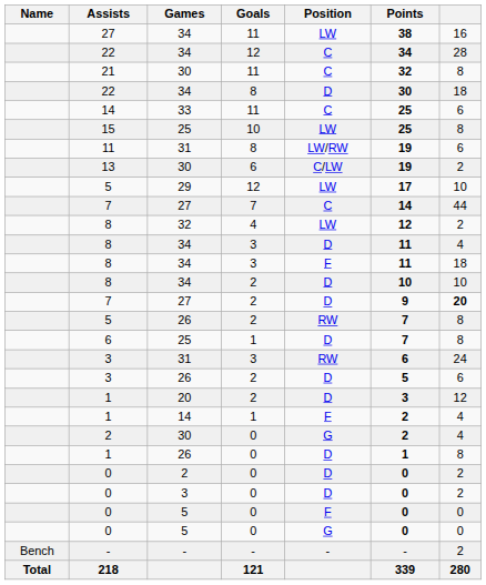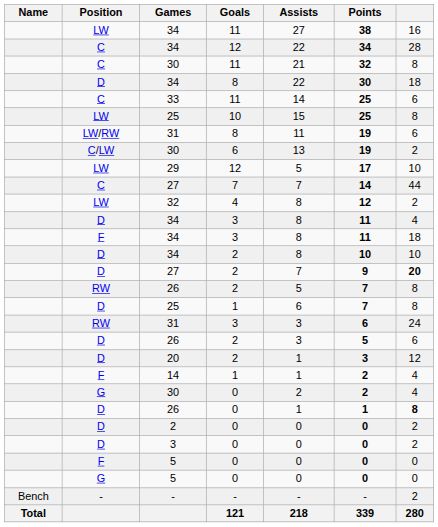 <table class="wikitable sortable" width ="50%">
 <tr align="center">
 <th>Name</th>
-<th>Assists</th>
+<th>Position</th>
 <th>Games</th>
 <th>Goals</th>
-<th>Position</th>
+<th>Assists</th>
 <th>Points</th>
 <th><a href='#'></a></th>
 </tr>
 <tr align="center" bgcolor="">
 <td></td>
-<td>27</td>
+<td><a href='#'>LW</a></td>
 <td>34</td>
 <td>11</td>
-<td><a href='#'>LW</a></td>
+<td>27</td>
 <td><strong>38</strong></td>
 <td>16</td>
 </tr>
 <tr align="center" bgcolor="f0f0f0">
 <td></td>
-<td>22</td>
+<td><a href='#'>C</a></td>
 <td>34</td>
 <td>12</td>
-<td><a href='#'>C</a></td>
+<td>22</td>
 <td><strong>34</strong></td>
 <td>28</td>
 </tr>
 <tr align="center" bgcolor="">
 <td></td>
-<td>21</td>
+<td><a href='#'>C</a></td>
 <td>30</td>
 <td>11</td>
-<td><a href='#'>C</a></td>
+<td>21</td>
 <td><strong>32</strong></td>
 <td>8</td>
 </tr>
 <tr align="center" bgcolor="f0f0f0">
 <td></td>
-<td>22</td>
+<td><a href='#'>D</a></td>
 <td>34</td>
 <td>8</td>
-<td><a href='#'>D</a></td>
+<td>22</td>
 <td><strong>30</strong></td>
 <td>18</td>
 </tr>
 <tr align="center" bgcolor="">
 <td></td>
-<td>14</td>
+<td><a href='#'>C</a></td>
 <td>33</td>
 <td>11</td>
-<td><a href='#'>C</a></td>
+<td>14</td>
 <td><strong>25</strong></td>
 <td>6</td>
 </tr>
 <tr align="center" bgcolor="f0f0f0">
 <td></td>
-<td>15</td>
+<td><a href='#'>LW</a></td>
 <td>25</td>
 <td>10</td>
-<td><a href='#'>LW</a></td>
+<td>15</td>
 <td><strong>25</strong></td>
 <td>8</td>
 </tr>
 <tr align="center" bgcolor="">
 <td></td>
-<td>11</td>
+<td><a href='#'>LW</a>/<a href='#'>RW</a></td>
 <td>31</td>
 <td>8</td>
-<td><a href='#'>LW</a>/<a href='#'>RW</a></td>
+<td>11</td>
 <td><strong>19</strong></td>
 <td>6</td>
 </tr>
 <tr align="center" bgcolor="f0f0f0">
 <td></td>
-<td>13</td>
+<td><a href='#'>C</a>/<a href='#'>LW</a></td>
 <td>30</td>
 <td>6</td>
-<td><a href='#'>C</a>/<a href='#'>LW</a></td>
+<td>13</td>
 <td><strong>19</strong></td>
 <td>2</td>
 </tr>
 <tr align="center" bgcolor="">
 <td></td>
-<td>5</td>
+<td><a href='#'>LW</a></td>
 <td>29</td>
 <td>12</td>
-<td><a href='#'>LW</a></td>
+<td>5</td>
 <td><strong>17</strong></td>
 <td>10</td>
 </tr>
 <tr align="center" bgcolor="f0f0f0">
 <td></td>
-<td>7</td>
+<td><a href='#'>C</a></td>
 <td>27</td>
 <td>7</td>
-<td><a href='#'>C</a></td>
+<td>7</td>
 <td><strong>14</strong></td>
 <td>44</td>
 </tr>
 <tr align="center" bgcolor="">
 <td></td>
-<td>8</td>
+<td><a href='#'>LW</a></td>
 <td>32</td>
 <td>4</td>
-<td><a href='#'>LW</a></td>
+<td>8</td>
 <td><strong>12</strong></td>
 <td>2</td>
 </tr>
 <tr align="center" bgcolor="f0f0f0">
 <td></td>
-<td>8</td>
+<td><a href='#'>D</a></td>
 <td>34</td>
 <td>3</td>
-<td><a href='#'>D</a></td>
+<td>8</td>
 <td><strong>11</strong></td>
 <td>4</td>
 </tr>
 <tr align="center" bgcolor="">
 <td></td>
-<td>8</td>
+<td><a href='#'>F</a></td>
 <td>34</td>
 <td>3</td>
-<td><a href='#'>F</a></td>
+<td>8</td>
 <td><strong>11</strong></td>
 <td>18</td>
 </tr>
 <tr align="center" bgcolor="f0f0f0">
 <td></td>
-<td>8</td>
+<td><a href='#'>D</a></td>
 <td>34</td>
 <td>2</td>
-<td><a href='#'>D</a></td>
+<td>8</td>
 <td><strong>10</strong></td>
 <td>10</td>
 </tr>
 <tr align="center" bgcolor="">
 <td></td>
-<td>7</td>
+<td><a href='#'>D</a></td>
 <td>27</td>
 <td>2</td>
-<td><a href='#'>D</a></td>
+<td>7</td>
 <td><strong>9</strong></td>
 <td><strong>20</strong></td>
 </tr>
 <tr align="center" bgcolor="f0f0f0">
 <td></td>
-<td>5</td>
+<td><a href='#'>RW</a></td>
 <td>26</td>
 <td>2</td>
-<td><a href='#'>RW</a></td>
+<td>5</td>
 <td><strong>7</strong></td>
 <td>8</td>
 </tr>
 <tr align="center" bgcolor="">
 <td></td>
-<td>6</td>
+<td><a href='#'>D</a></td>
 <td>25</td>
 <td>1</td>
-<td><a href='#'>D</a></td>
+<td>6</td>
 <td><strong>7</strong></td>
 <td>8</td>
 </tr>
 <tr align="center" bgcolor="f0f0f0">
 <td></td>
-<td>3</td>
+<td><a href='#'>RW</a></td>
 <td>31</td>
 <td>3</td>
-<td><a href='#'>RW</a></td>
+<td>3</td>
 <td><strong>6</strong></td>
 <td>24</td>
 </tr>
 <tr align="center" bgcolor="">
 <td></td>
-<td>3</td>
+<td><a href='#'>D</a></td>
 <td>26</td>
 <td>2</td>
-<td><a href='#'>D</a></td>
+<td>3</td>
 <td><strong>5</strong></td>
 <td>6</td>
 </tr>
 <tr align="center" bgcolor="f0f0f0">
 <td></td>
-<td>1</td>
+<td><a href='#'>D</a></td>
 <td>20</td>
 <td>2</td>
-<td><a href='#'>D</a></td>
+<td>1</td>
 <td><strong>3</strong></td>
 <td>12</td>
 </tr>
 <tr align="center" bgcolor="">
 <td></td>
-<td>1</td>
+<td><a href='#'>F</a></td>
 <td>14</td>
 <td>1</td>
-<td><a href='#'>F</a></td>
+<td>1</td>
 <td><strong>2</strong></td>
 <td>4</td>
 </tr>
 <tr align="center" bgcolor="f0f0f0">
 <td></td>
-<td>2</td>
+<td><a href='#'>G</a></td>
 <td>30</td>
 <td>0</td>
-<td><a href='#'>G</a></td>
+<td>2</td>
 <td><strong>2</strong></td>
 <td>4</td>
 </tr>
 <tr align="center" bgcolor="">
 <td></td>
-<td>1</td>
+<td><a href='#'>D</a></td>
 <td>26</td>
 <td>0</td>
-<td><a href='#'>D</a></td>
+<td>1</td>
 <td><strong>1</strong></td>
-<td>8</td>
+<td><strong>8</strong></td>
 </tr>
 <tr align="center" bgcolor="f0f0f0">
 <td></td>
-<td>0</td>
+<td><a href='#'>D</a></td>
 <td>2</td>
 <td>0</td>
-<td><a href='#'>D</a></td>
+<td>0</td>
 <td><strong>0</strong></td>
 <td>2</td>
 </tr>
 <tr align="center" bgcolor="">
 <td></td>
-<td>0</td>
+<td><a href='#'>D</a></td>
 <td>3</td>
 <td>0</td>
-<td><a href='#'>D</a></td>
+<td>0</td>
 <td><strong>0</strong></td>
 <td>2</td>
 </tr>
 <tr align="center" bgcolor="f0f0f0">
 <td></td>
-<td>0</td>
+<td><a href='#'>F</a></td>
 <td>5</td>
 <td>0</td>
-<td><a href='#'>F</a></td>
+<td>0</td>
 <td><strong>0</strong></td>
 <td>0</td>
 </tr>
 <tr align="center" bgcolor="">
 <td></td>
-<td>0</td>
+<td><a href='#'>G</a></td>
 <td>5</td>
 <td>0</td>
-<td><a href='#'>G</a></td>
+<td>0</td>
 <td><strong>0</strong></td>
 <td>0</td>
 </tr>
 <tr align="center" bgcolor="f0f0f0">
 <td>Bench</td>
 <td>-</td>
 <td>-</td>
 <td>-</td>
 <td>-</td>
 <td>-</td>
 <td>2</td>
 </tr>
 <tr>
 <th>Total</th>
-<th>218</th>
+<th></th>
 <th></th>
 <th>121</th>
-<th></th>
+<th>218</th>
 <th>339</th>
 <th>280</th>
 </tr>
 </table>
